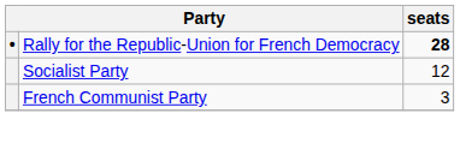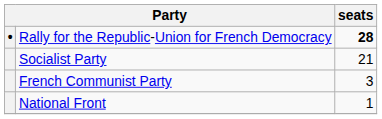 <table class="wikitable" style="font-size: 95%;">
 <tr>
 <th colspan=2>Party</th>
 <th>seats</th>
 </tr>
 <tr>
 <th style="background-color: "><span>•</span></th>
 <td><a href='#'>Rally for the Republic</a>-<a href='#'>Union for French Democracy</a></td>
 <td align="right"><strong>28</strong></td>
 </tr>
 <tr>
 <th style="background-color: "></th>
 <td><a href='#'>Socialist Party</a></td>
-<td align="right">12</td>
+<td align="right">21</td>
 </tr>
 <tr>
 <th style="background-color: "></th>
 <td><a href='#'>French Communist Party</a></td>
 <td align="right">3</td>
 </tr>
 <tr>
+<th style="background-color: "></th>
+<td><a href='#'>National Front</a></td>
+<td align="right">1</td>
+</tr>
+<tr>
 </tr>
 </table>
